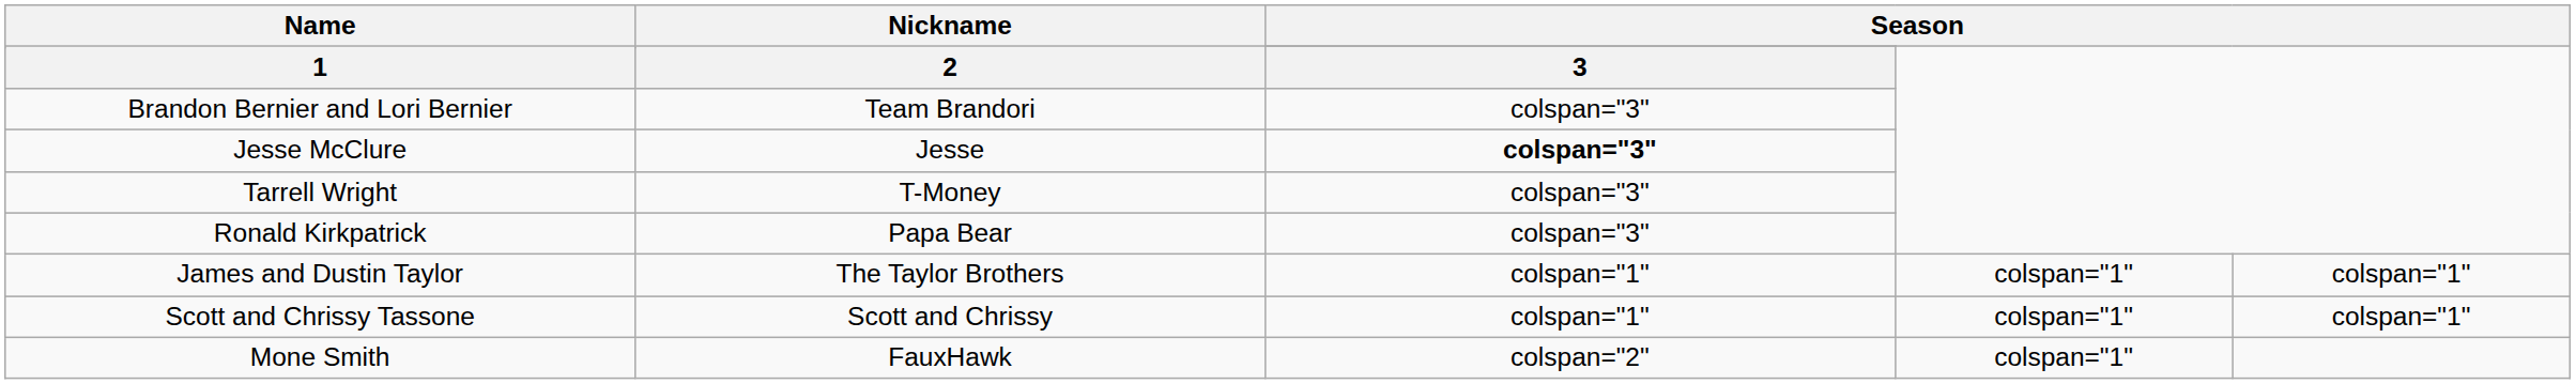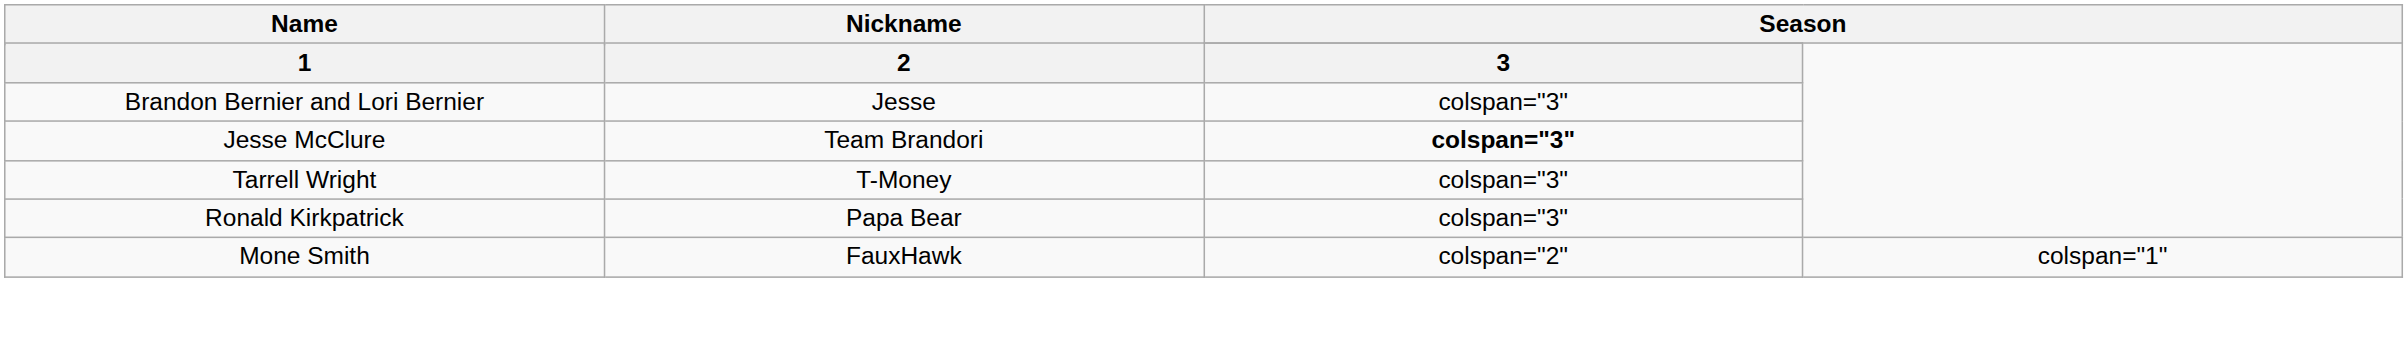 <table class="wikitable plainrowheaders" style="text-align:center">
 <tr>
 <th rowspan="2" width="10%" scope="col">Name</th>
 <th rowspan="2" width="10%" scope="col">Nickname</th>
 <th colspan="3" width="20%">Season</th>
 </tr>
 <tr>
 </tr>
 <tr>
 <th width="10%" scope="col">1</th>
 <th width="10%" scope="col">2</th>
 <th width="10%" scope="col">3</th>
 </tr>
 <tr>
 <td>Brandon Bernier and Lori Bernier</td>
-<td>Team Brandori</td>
+<td>Jesse</td>
 <td>colspan="3" </td>
 </tr>
 <tr>
 <td>Jesse McClure</td>
-<td>Jesse</td>
+<td>Team Brandori</td>
 <td><strong>colspan="3" </strong></td>
 </tr>
 <tr>
 <td>Tarrell Wright</td>
 <td>T-Money</td>
 <td>colspan="3" </td>
 </tr>
 <tr>
 <td>Ronald Kirkpatrick</td>
 <td>Papa Bear</td>
 <td>colspan="3" </td>
 </tr>
 <tr>
-<td>James and Dustin Taylor</td>
-<td>The Taylor Brothers</td>
-<td>colspan="1" </td>
-<td>colspan="1" </td>
-<td>colspan="1" </td>
-</tr>
-<tr>
-<td>Scott and Chrissy Tassone</td>
-<td>Scott and Chrissy</td>
-<td>colspan="1" </td>
-<td>colspan="1" </td>
-<td>colspan="1" </td>
-</tr>
-<tr>
 <td>Mone Smith</td>
 <td>FauxHawk</td>
 <td>colspan="2" </td>
 <td>colspan="1" </td>
 </tr>
 </table>
